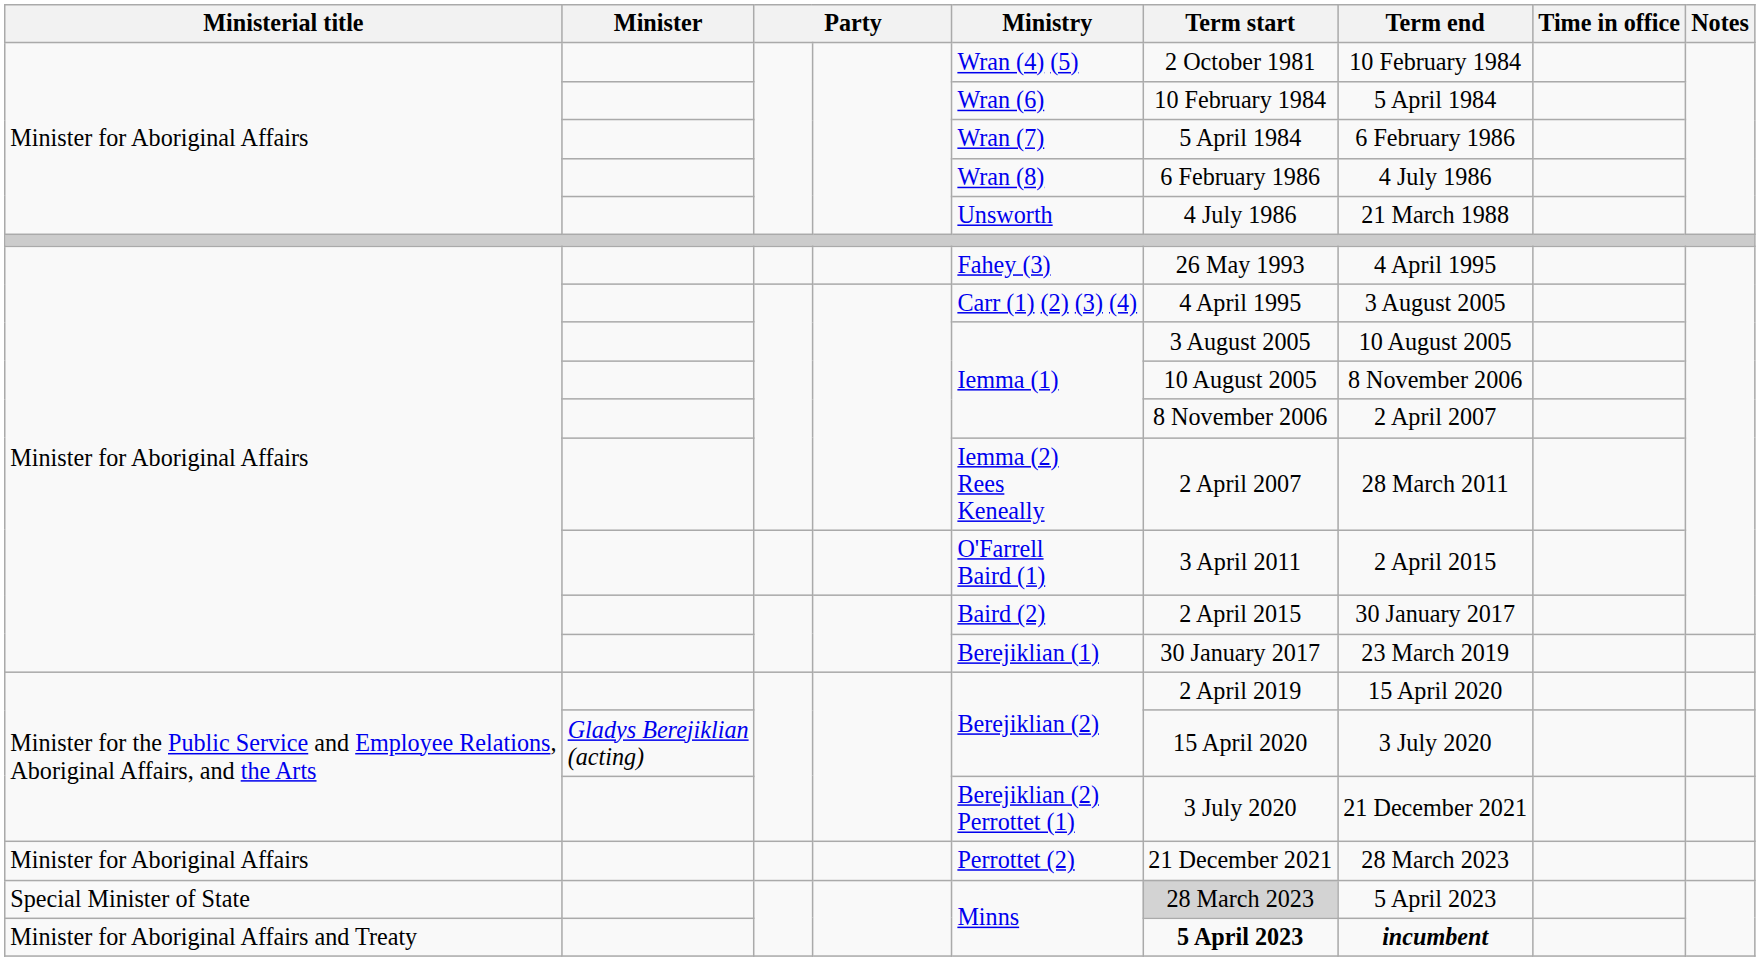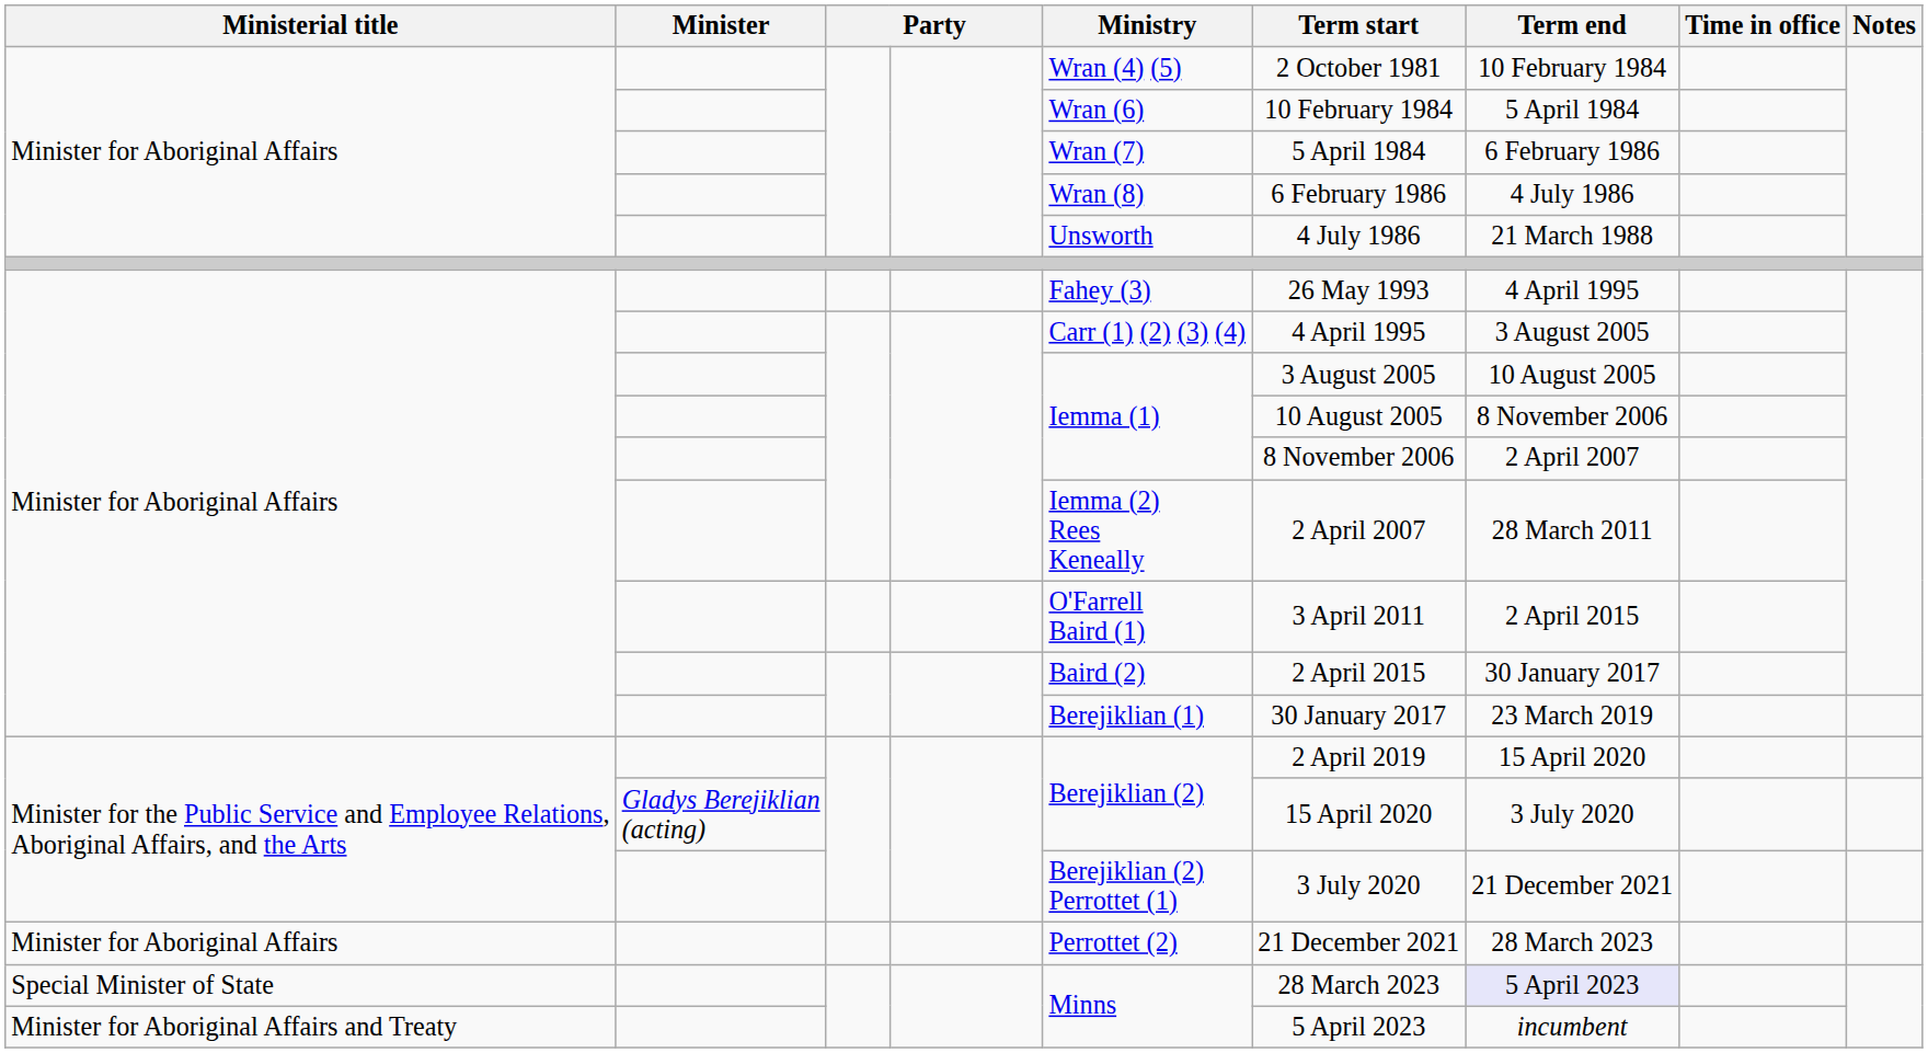 <table class="wikitable sortable">
 <tr>
 <th>Ministerial title</th>
 <th>Minister</th>
 <th colspan=2>Party</th>
 <th>Ministry</th>
 <th>Term start</th>
 <th>Term end</th>
 <th>Time in office</th>
 <th class="unsortable">Notes</th>
 </tr>
 <tr>
 <td rowspan=5>Minister for Aboriginal Affairs</td>
 <td></td>
 <td rowspan=5 > </td>
 <td rowspan=5 width=8%></td>
 <td><a href='#'>Wran (4)</a> <a href='#'>(5)</a></td>
 <td align=center>2 October 1981</td>
 <td align=center>10 February 1984</td>
 <td align=right></td>
 <td rowspan=5></td>
 </tr>
 <tr>
 <td></td>
 <td><a href='#'>Wran (6)</a></td>
 <td align=center>10 February 1984</td>
 <td align=center>5 April 1984</td>
 <td align=right></td>
 </tr>
 <tr>
 <td></td>
 <td><a href='#'>Wran (7)</a></td>
 <td align=center>5 April 1984</td>
 <td align=center>6 February 1986</td>
 <td align=right></td>
 </tr>
 <tr>
 <td></td>
 <td><a href='#'>Wran (8)</a></td>
 <td align=center>6 February 1986</td>
 <td align=center>4 July 1986</td>
 <td align=right></td>
 </tr>
 <tr>
 <td></td>
 <td><a href='#'>Unsworth</a></td>
 <td align=center>4 July 1986</td>
 <td align=center>21 March 1988</td>
 <td align=right></td>
 </tr>
 <tr>
 <th colspan=9 style="background: #cccccc;"></th>
 </tr>
 <tr>
 <td rowspan=9>Minister for Aboriginal Affairs</td>
 <td></td>
 <td> </td>
 <td></td>
 <td><a href='#'>Fahey (3)</a></td>
 <td align=center>26 May 1993</td>
 <td align=center>4 April 1995</td>
 <td align=right></td>
 <td rowspan=8></td>
 </tr>
 <tr>
 <td></td>
 <td rowspan=5 > </td>
 <td rowspan=5></td>
 <td><a href='#'>Carr (1)</a> <a href='#'>(2)</a> <a href='#'>(3)</a> <a href='#'>(4)</a></td>
 <td align=center>4 April 1995</td>
 <td align=center>3 August 2005</td>
 <td align=right><strong></strong></td>
 </tr>
 <tr>
 <td></td>
 <td rowspan=3><a href='#'>Iemma (1)</a></td>
 <td align=center>3 August 2005</td>
 <td align=center>10 August 2005</td>
 <td align=right></td>
 </tr>
 <tr>
 <td></td>
 <td align=center>10 August 2005</td>
 <td align=center>8 November 2006</td>
 <td align=right></td>
 </tr>
 <tr>
 <td></td>
 <td align=center>8 November 2006</td>
 <td align=center>2 April 2007</td>
 <td align=right></td>
 </tr>
 <tr>
 <td></td>
 <td><a href='#'>Iemma (2)</a><br><a href='#'>Rees</a><br><a href='#'>Keneally</a></td>
 <td align=center>2 April 2007</td>
 <td align=center>28 March 2011</td>
 <td align=right></td>
 </tr>
 <tr>
 <td></td>
 <td> </td>
 <td></td>
 <td><a href='#'>O'Farrell</a><br><a href='#'>Baird (1)</a></td>
 <td align=center>3 April 2011</td>
 <td align=center>2 April 2015</td>
 <td align=right></td>
 </tr>
 <tr>
 <td></td>
 <td rowspan=2 > </td>
 <td rowspan=2></td>
 <td><a href='#'>Baird (2)</a></td>
 <td align=center>2 April 2015</td>
 <td align=center>30 January 2017</td>
 <td align=right></td>
 </tr>
 <tr>
 <td></td>
 <td><a href='#'>Berejiklian (1)</a></td>
 <td align=center>30 January 2017</td>
 <td align=center>23 March 2019</td>
 <td align=right></td>
 <td></td>
 </tr>
 <tr>
 <td rowspan=3>Minister for the <a href='#'>Public Service</a> and <a href='#'>Employee Relations</a>,<br>Aboriginal Affairs, and <a href='#'>the Arts</a></td>
 <td></td>
 <td rowspan=3 > </td>
 <td rowspan=3></td>
 <td rowspan=2><a href='#'>Berejiklian (2)</a></td>
 <td align=center>2 April 2019</td>
 <td align=center>15 April 2020</td>
 <td align=right></td>
 <td></td>
 </tr>
 <tr>
 <td><em><a href='#'>Gladys Berejiklian</a><br>(acting)</em></td>
 <td align=center>15 April 2020</td>
 <td align=center>3 July 2020</td>
 <td align=right></td>
 <td></td>
 </tr>
 <tr>
 <td></td>
 <td><a href='#'>Berejiklian (2)</a><br><a href='#'>Perrottet (1)</a></td>
 <td align=center>3 July 2020</td>
 <td align=center>21 December 2021</td>
 <td align=right></td>
 <td></td>
 </tr>
 <tr>
 <td>Minister for Aboriginal Affairs</td>
 <td></td>
 <td> </td>
 <td></td>
 <td><a href='#'>Perrottet (2)</a></td>
 <td align=center>21 December 2021</td>
 <td align=center>28 March 2023</td>
 <td align=right></td>
 <td></td>
 </tr>
 <tr>
 <td>Special Minister of State</td>
 <td></td>
 <td rowspan=2 > </td>
 <td rowspan=2></td>
 <td rowspan=2><a href='#'>Minns</a></td>
-<td align=center style="background: lightgrey;">28 March 2023</td>
-<td align=center>5 April 2023</td>
+<td align=center>28 March 2023</td>
+<td align=center style="background: lavender;">5 April 2023</td>
 <td align=right></td>
 </tr>
 <tr>
 <td>Minister for Aboriginal Affairs and Treaty</td>
 <td></td>
-<td align=center><strong>5 April 2023</strong></td>
-<td align=center><strong><em>incumbent</em></strong></td>
+<td align=center>5 April 2023</td>
+<td align=center><em>incumbent</em></td>
 <td align=right></td>
 </tr>
 </table>
